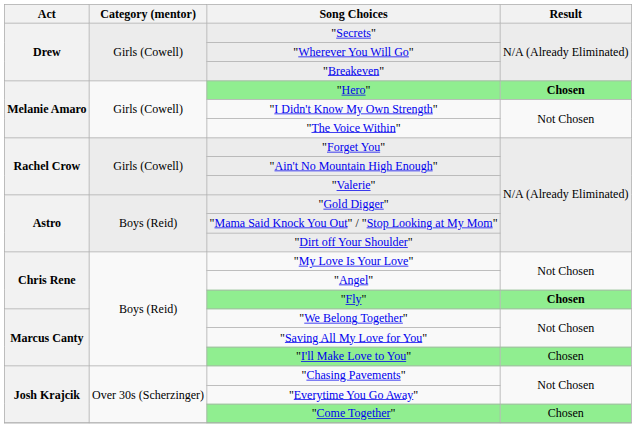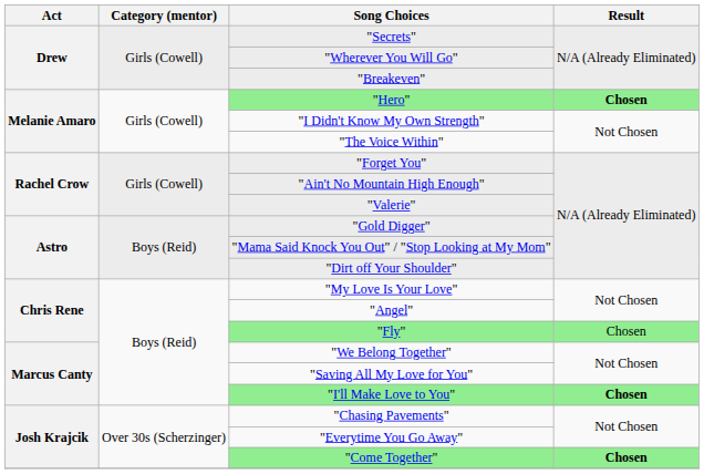 <table class="wikitable plainrowheaders" style="text-align:center;">
 <tr>
 <th scope="col">Act</th>
 <th scope="col">Category (mentor)</th>
 <th>Song Choices</th>
 <th>Result</th>
 </tr>
 <tr style="background:#ececec;">
 <th rowspan=3 scope="row">Drew</th>
 <td rowspan=3>Girls (Cowell)</td>
 <td>"<a href='#'>Secrets</a>"</td>
 <td rowspan=3>N/A (Already Eliminated)</td>
 </tr>
 <tr style="background:#ececec;">
 <td>"<a href='#'>Wherever You Will Go</a>"</td>
 </tr>
 <tr style="background:#ececec;">
 <td>"<a href='#'>Breakeven</a>"</td>
 </tr>
 <tr>
 <th rowspan=3 scope="row">Melanie Amaro</th>
 <td rowspan=3>Girls (Cowell)</td>
 <td style="background:lightgreen;">"<a href='#'>Hero</a>"</td>
 <td style="background:lightgreen;"><strong>Chosen</strong></td>
 </tr>
 <tr>
 <td>"<a href='#'>I Didn't Know My Own Strength</a>"</td>
 <td rowspan=2>Not Chosen</td>
 </tr>
 <tr>
 <td>"<a href='#'>The Voice Within</a>"</td>
 </tr>
 <tr style="background:#ececec;">
 <th rowspan=3 scope="row">Rachel Crow</th>
 <td rowspan=3>Girls (Cowell)</td>
 <td>"<a href='#'>Forget You</a>"</td>
 <td rowspan=6>N/A (Already Eliminated)</td>
 </tr>
 <tr style="background:#ececec;">
 <td>"<a href='#'>Ain't No Mountain High Enough</a>"</td>
 </tr>
 <tr style="background:#ececec;">
 <td>"<a href='#'>Valerie</a>"</td>
 </tr>
 <tr style="background:#ececec;">
 <th rowspan=3 scope="row">Astro</th>
 <td rowspan=3>Boys (Reid)</td>
 <td>"<a href='#'>Gold Digger</a>"</td>
 </tr>
 <tr style="background:#ececec;">
 <td>"<a href='#'>Mama Said Knock You Out</a>" / "<a href='#'>Stop Looking at My Mom</a>"</td>
 </tr>
 <tr style="background:#ececec;">
 <td>"<a href='#'>Dirt off Your Shoulder</a>"</td>
 </tr>
 <tr>
 <th rowspan=3 scope="row">Chris Rene</th>
 <td rowspan=6>Boys (Reid)</td>
 <td>"<a href='#'>My Love Is Your Love</a>"</td>
 <td rowspan=2>Not Chosen</td>
 </tr>
 <tr>
 <td>"<a href='#'>Angel</a>"</td>
 </tr>
 <tr style="background:lightgreen;">
 <td>"<a href='#'>Fly</a>"</td>
-<td><strong>Chosen</strong></td>
+<td>Chosen</td>
 </tr>
 <tr>
 <th rowspan=3 scope="row">Marcus Canty</th>
 <td>"<a href='#'>We Belong Together</a>"</td>
 <td rowspan=2>Not Chosen</td>
 </tr>
 <tr>
 <td>"<a href='#'>Saving All My Love for You</a>"</td>
 </tr>
 <tr style="background:lightgreen;">
 <td>"<a href='#'>I'll Make Love to You</a>"</td>
-<td>Chosen</td>
+<td><strong>Chosen</strong></td>
 </tr>
 <tr>
 <th rowspan=3 scope="row">Josh Krajcik</th>
 <td rowspan=3>Over 30s (Scherzinger)</td>
 <td>"<a href='#'>Chasing Pavements</a>"</td>
 <td rowspan=2>Not Chosen</td>
 </tr>
 <tr>
 <td>"<a href='#'>Everytime You Go Away</a>"</td>
 </tr>
 <tr style="background:lightgreen;">
 <td>"<a href='#'>Come Together</a>"</td>
-<td>Chosen</td>
+<td><strong>Chosen</strong></td>
 </tr>
 <tr>
 </tr>
 </table>
